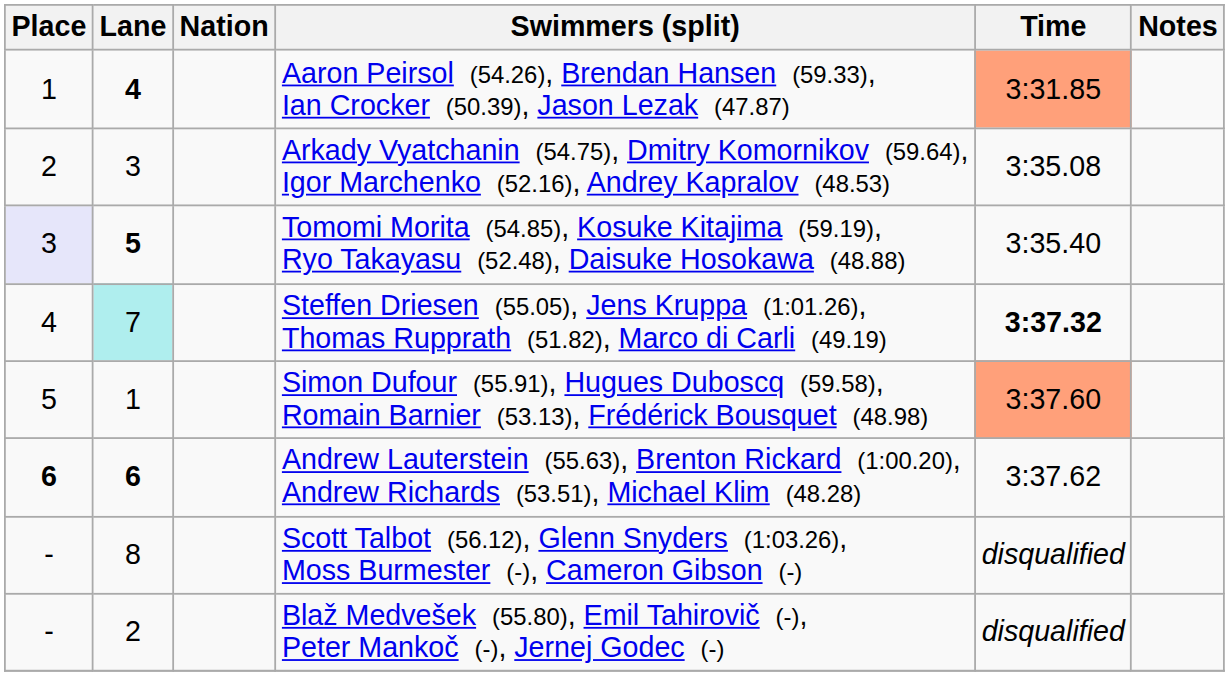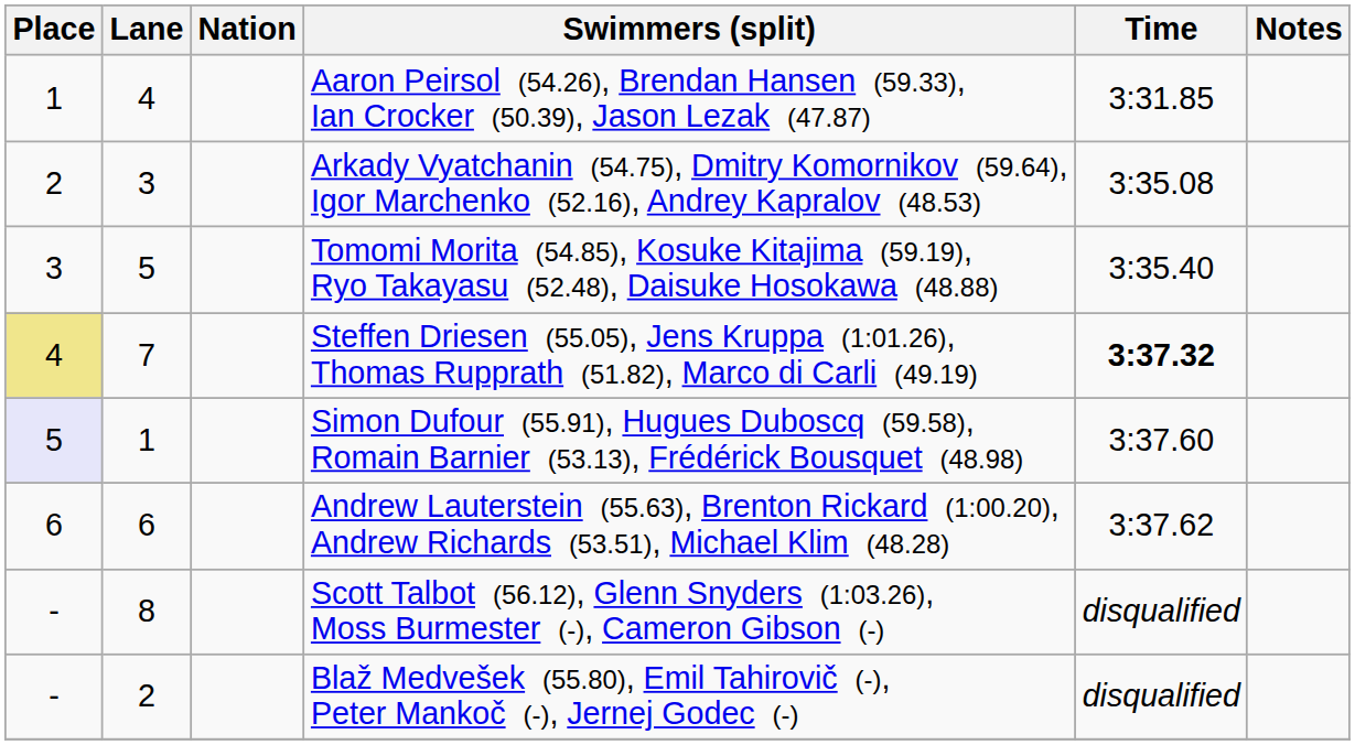 <table class="wikitable sortable" style="text-align:center">
 <tr>
 <th>Place</th>
 <th>Lane</th>
 <th>Nation</th>
 <th>Swimmers (split)</th>
 <th>Time</th>
 <th>Notes</th>
 </tr>
 <tr>
 <td>1</td>
-<td><strong>4</strong></td>
+<td>4</td>
 <td align=left></td>
 <td align=left><a href='#'>Aaron Peirsol</a>  <small>(54.26)</small>, <a href='#'>Brendan Hansen</a>  <small>(59.33)</small>,<br> <a href='#'>Ian Crocker</a>  <small>(50.39)</small>, <a href='#'>Jason Lezak</a>  <small>(47.87)</small></td>
-<td style="background: lightsalmon;">3:31.85</td>
+<td>3:31.85</td>
 <td></td>
 </tr>
 <tr>
 <td>2</td>
 <td>3</td>
 <td align=left></td>
 <td align=left><a href='#'>Arkady Vyatchanin</a>  <small>(54.75)</small>, <a href='#'>Dmitry Komornikov</a>  <small>(59.64)</small>,<br> <a href='#'>Igor Marchenko</a>  <small>(52.16)</small>, <a href='#'>Andrey Kapralov</a>  <small>(48.53)</small></td>
 <td>3:35.08</td>
 <td></td>
 </tr>
 <tr>
-<td style="background: lavender;">3</td>
-<td><strong>5</strong></td>
+<td>3</td>
+<td>5</td>
 <td align=left></td>
 <td align=left><a href='#'>Tomomi Morita</a>  <small>(54.85)</small>, <a href='#'>Kosuke Kitajima</a>  <small>(59.19)</small>,<br> <a href='#'>Ryo Takayasu</a>  <small>(52.48)</small>, <a href='#'>Daisuke Hosokawa</a>  <small>(48.88)</small></td>
 <td>3:35.40</td>
 <td></td>
 </tr>
 <tr>
-<td>4</td>
-<td style="background: paleturquoise;">7</td>
+<td style="background: khaki;">4</td>
+<td>7</td>
 <td align=left></td>
 <td align=left><a href='#'>Steffen Driesen</a>  <small>(55.05)</small>, <a href='#'>Jens Kruppa</a>  <small>(1:01.26)</small>,<br> <a href='#'>Thomas Rupprath</a>  <small>(51.82)</small>, <a href='#'>Marco di Carli</a>  <small>(49.19)</small></td>
 <td><strong>3:37.32</strong></td>
 <td></td>
 </tr>
 <tr>
-<td>5</td>
+<td style="background: lavender;">5</td>
 <td>1</td>
 <td align=left></td>
 <td align=left><a href='#'>Simon Dufour</a>  <small>(55.91)</small>, <a href='#'>Hugues Duboscq</a>  <small>(59.58)</small>,<br> <a href='#'>Romain Barnier</a>  <small>(53.13)</small>, <a href='#'>Frédérick Bousquet</a>  <small>(48.98)</small></td>
-<td style="background: lightsalmon;">3:37.60</td>
+<td>3:37.60</td>
 <td></td>
 </tr>
 <tr>
-<td><strong>6</strong></td>
-<td><strong>6</strong></td>
+<td>6</td>
+<td>6</td>
 <td align=left></td>
 <td align=left><a href='#'>Andrew Lauterstein</a>  <small>(55.63)</small>, <a href='#'>Brenton Rickard</a>  <small>(1:00.20)</small>,<br> <a href='#'>Andrew Richards</a>  <small>(53.51)</small>, <a href='#'>Michael Klim</a>  <small>(48.28)</small></td>
 <td>3:37.62</td>
 <td></td>
 </tr>
 <tr>
 <td>-</td>
 <td>8</td>
 <td align=left></td>
 <td align=left><a href='#'>Scott Talbot</a>  <small>(56.12)</small>, <a href='#'>Glenn Snyders</a>  <small>(1:03.26)</small>,<br> <a href='#'>Moss Burmester</a>  <small>(-)</small>, <a href='#'>Cameron Gibson</a>  <small>(-)</small></td>
 <td><em>disqualified</em></td>
 <td></td>
 </tr>
 <tr>
 <td>-</td>
 <td>2</td>
 <td align=left></td>
 <td align=left><a href='#'>Blaž Medvešek</a>  <small>(55.80)</small>, <a href='#'>Emil Tahirovič</a>  <small>(-)</small>,<br> <a href='#'>Peter Mankoč</a>  <small>(-)</small>, <a href='#'>Jernej Godec</a>  <small>(-)</small></td>
 <td><em>disqualified</em></td>
 <td></td>
 </tr>
 <tr>
 </tr>
 </table>
